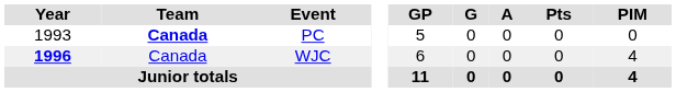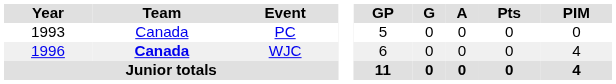 <table border="0" cellpadding="1" cellspacing="0" style="text-align:center; width:40em">
 <tr ALIGN="center" bgcolor="#e0e0e0">
 <th>Year</th>
 <th>Team</th>
 <th>Event</th>
 <th ALIGN="center" rowspan="99" bgcolor="#ffffff"> </th>
 <th>GP</th>
 <th>G</th>
 <th>A</th>
 <th>Pts</th>
 <th>PIM</th>
 </tr>
 <tr>
 <td>1993</td>
-<td><strong><a href='#'>Canada</a></strong></td>
+<td><a href='#'>Canada</a></td>
 <td><a href='#'>PC</a></td>
 <td>5</td>
 <td>0</td>
 <td>0</td>
 <td>0</td>
 <td>0</td>
 </tr>
 <tr bgcolor="#f0f0f0">
-<td><strong><a href='#'>1996</a></strong></td>
-<td><a href='#'>Canada</a></td>
+<td><a href='#'>1996</a></td>
+<td><strong><a href='#'>Canada</a></strong></td>
 <td><a href='#'>WJC</a></td>
 <td>6</td>
 <td>0</td>
 <td>0</td>
 <td>0</td>
 <td>4</td>
 </tr>
 <tr bgcolor="#e0e0e0">
 <th colspan=3>Junior totals</th>
 <th>11</th>
 <th>0</th>
 <th>0</th>
 <th>0</th>
 <th>4</th>
 </tr>
 </table>
